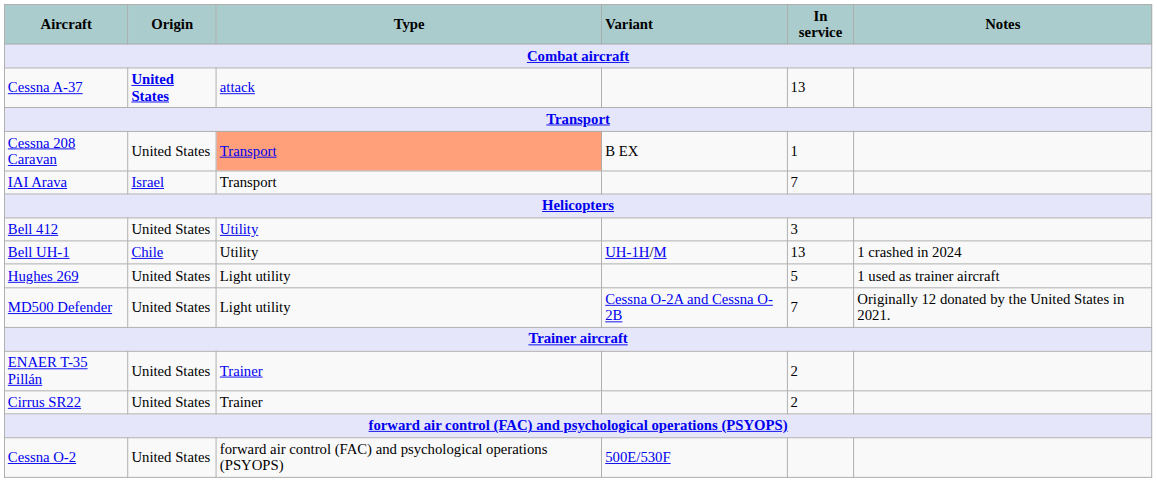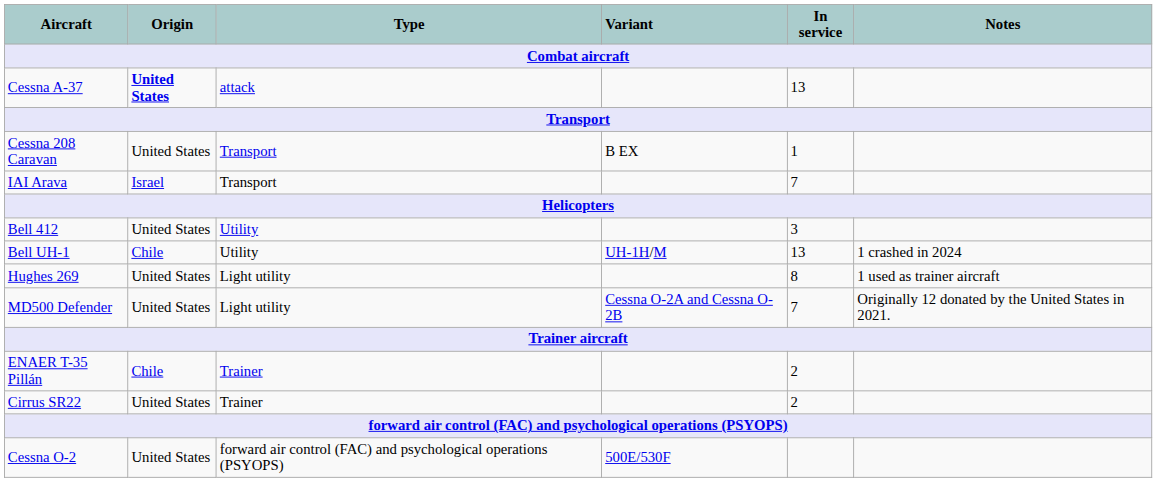 <table class="wikitable">
 <tr>
 <th style="text-align:center; background:#acc;">Aircraft</th>
 <th style="text-align: center; background:#acc;">Origin</th>
 <th style="text-align:l center; background:#acc;">Type</th>
 <th style="text-align:left; background:#acc;">Variant</th>
 <th style="text-align:center; background:#acc;">In service</th>
 <th style="text-align: center; background:#acc;">Notes</th>
 </tr>
 <tr>
 <th style="align: center; background: lavender;" colspan="6"><a href='#'>Combat aircraft</a></th>
 </tr>
 <tr>
 <td><a href='#'>Cessna A-37</a></td>
 <td><strong><a href='#'>United States</a></strong></td>
 <td><a href='#'>attack</a></td>
 <td></td>
 <td>13</td>
 <td></td>
 </tr>
 <tr>
 <th style="align: center; background: lavender;" colspan="6"><a href='#'>Transport</a></th>
 </tr>
 <tr>
 <td><a href='#'>Cessna 208 Caravan</a></td>
 <td>United States</td>
-<td style="background: lightsalmon;"><a href='#'>Transport</a></td>
+<td><a href='#'>Transport</a></td>
 <td>B EX</td>
 <td>1</td>
 <td></td>
 </tr>
 <tr>
 <td><a href='#'>IAI Arava</a></td>
 <td><a href='#'>Israel</a></td>
 <td>Transport</td>
 <td></td>
 <td>7</td>
 <td></td>
 </tr>
 <tr>
 <th style="align: center; background: lavender;" colspan="6"><a href='#'>Helicopters</a></th>
 </tr>
 <tr>
 <td><a href='#'>Bell 412</a></td>
 <td>United States</td>
 <td><a href='#'>Utility</a></td>
 <td></td>
 <td>3</td>
 <td></td>
 </tr>
 <tr>
 <td><a href='#'>Bell UH-1</a></td>
 <td><a href='#'>Chile</a></td>
 <td>Utility</td>
 <td><a href='#'>UH-1H</a>/<a href='#'>M</a></td>
 <td>13</td>
 <td>1 crashed in 2024</td>
 </tr>
 <tr>
 <td><a href='#'>Hughes 269</a></td>
 <td>United States</td>
 <td>Light utility</td>
 <td></td>
-<td>5</td>
+<td>8</td>
 <td>1 used as trainer aircraft</td>
 </tr>
 <tr>
 <td><a href='#'>MD500 Defender</a></td>
 <td>United States</td>
 <td>Light utility</td>
 <td><a href='#'>Cessna O-2A and Cessna O-2B</a></td>
 <td>7</td>
 <td>Originally 12 donated by the United States in 2021.</td>
 </tr>
 <tr>
 <th style="align: center; background: lavender;" colspan="6"><a href='#'>Trainer aircraft</a></th>
 </tr>
 <tr>
 <td><a href='#'>ENAER T-35 Pillán</a></td>
-<td>United States</td>
+<td><a href='#'>Chile</a></td>
 <td><a href='#'>Trainer</a></td>
 <td></td>
 <td>2</td>
 <td></td>
 </tr>
 <tr>
 <td><a href='#'>Cirrus SR22</a></td>
 <td>United States</td>
 <td>Trainer</td>
 <td></td>
 <td>2</td>
 </tr>
 <tr>
 <th style="align: center; background: lavender;" colspan="6"><a href='#'>forward air control (FAC) and psychological operations (PSYOPS)</a></th>
 </tr>
 <tr>
 <td><a href='#'>Cessna O-2</a></td>
 <td>United States</td>
 <td>forward air control (FAC) and psychological operations (PSYOPS)</td>
 <td><a href='#'>500E/530F</a></td>
 <td></td>
 </tr>
 </table>
